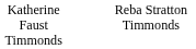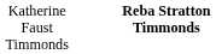 <table style="background:transparent; color:black" border="0" height="230" align="center" valign="bottom" cellpadding=10px cellspacing=0px>
 <tr align="center">
 <td></td>
 <td></td>
 <td></td>
 <td></td>
 <td></td>
 </tr>
 <tr align="center" valign="top">
 <td width="1"></td>
 <td width="100">Katherine Faust Timmonds</td>
 <td width="1"></td>
-<td width="100">Reba Stratton Timmonds</td>
+<td width="100"><strong>Reba Stratton Timmonds</strong></td>
 <td width="1"></td>
 </tr>
 </table>
